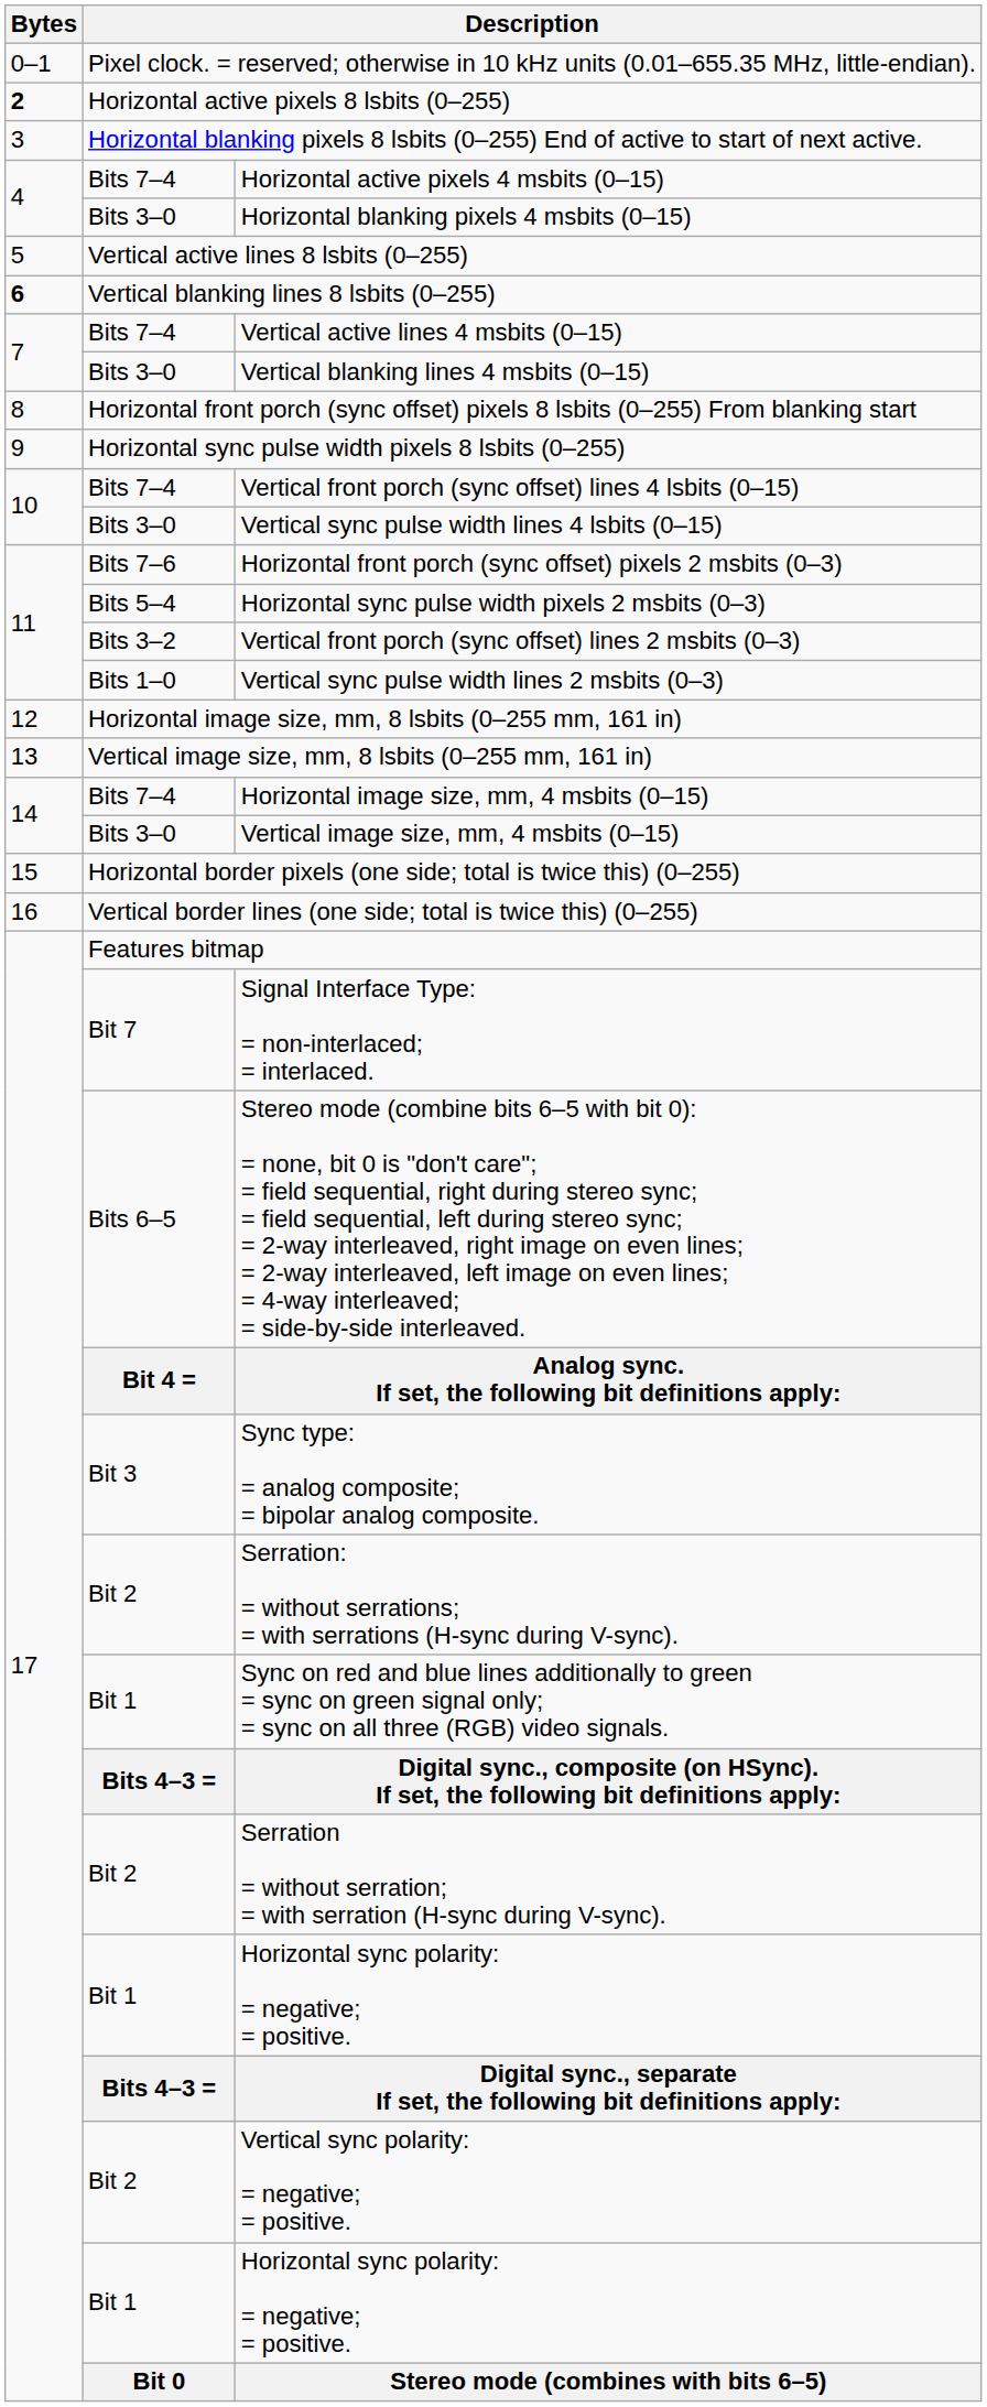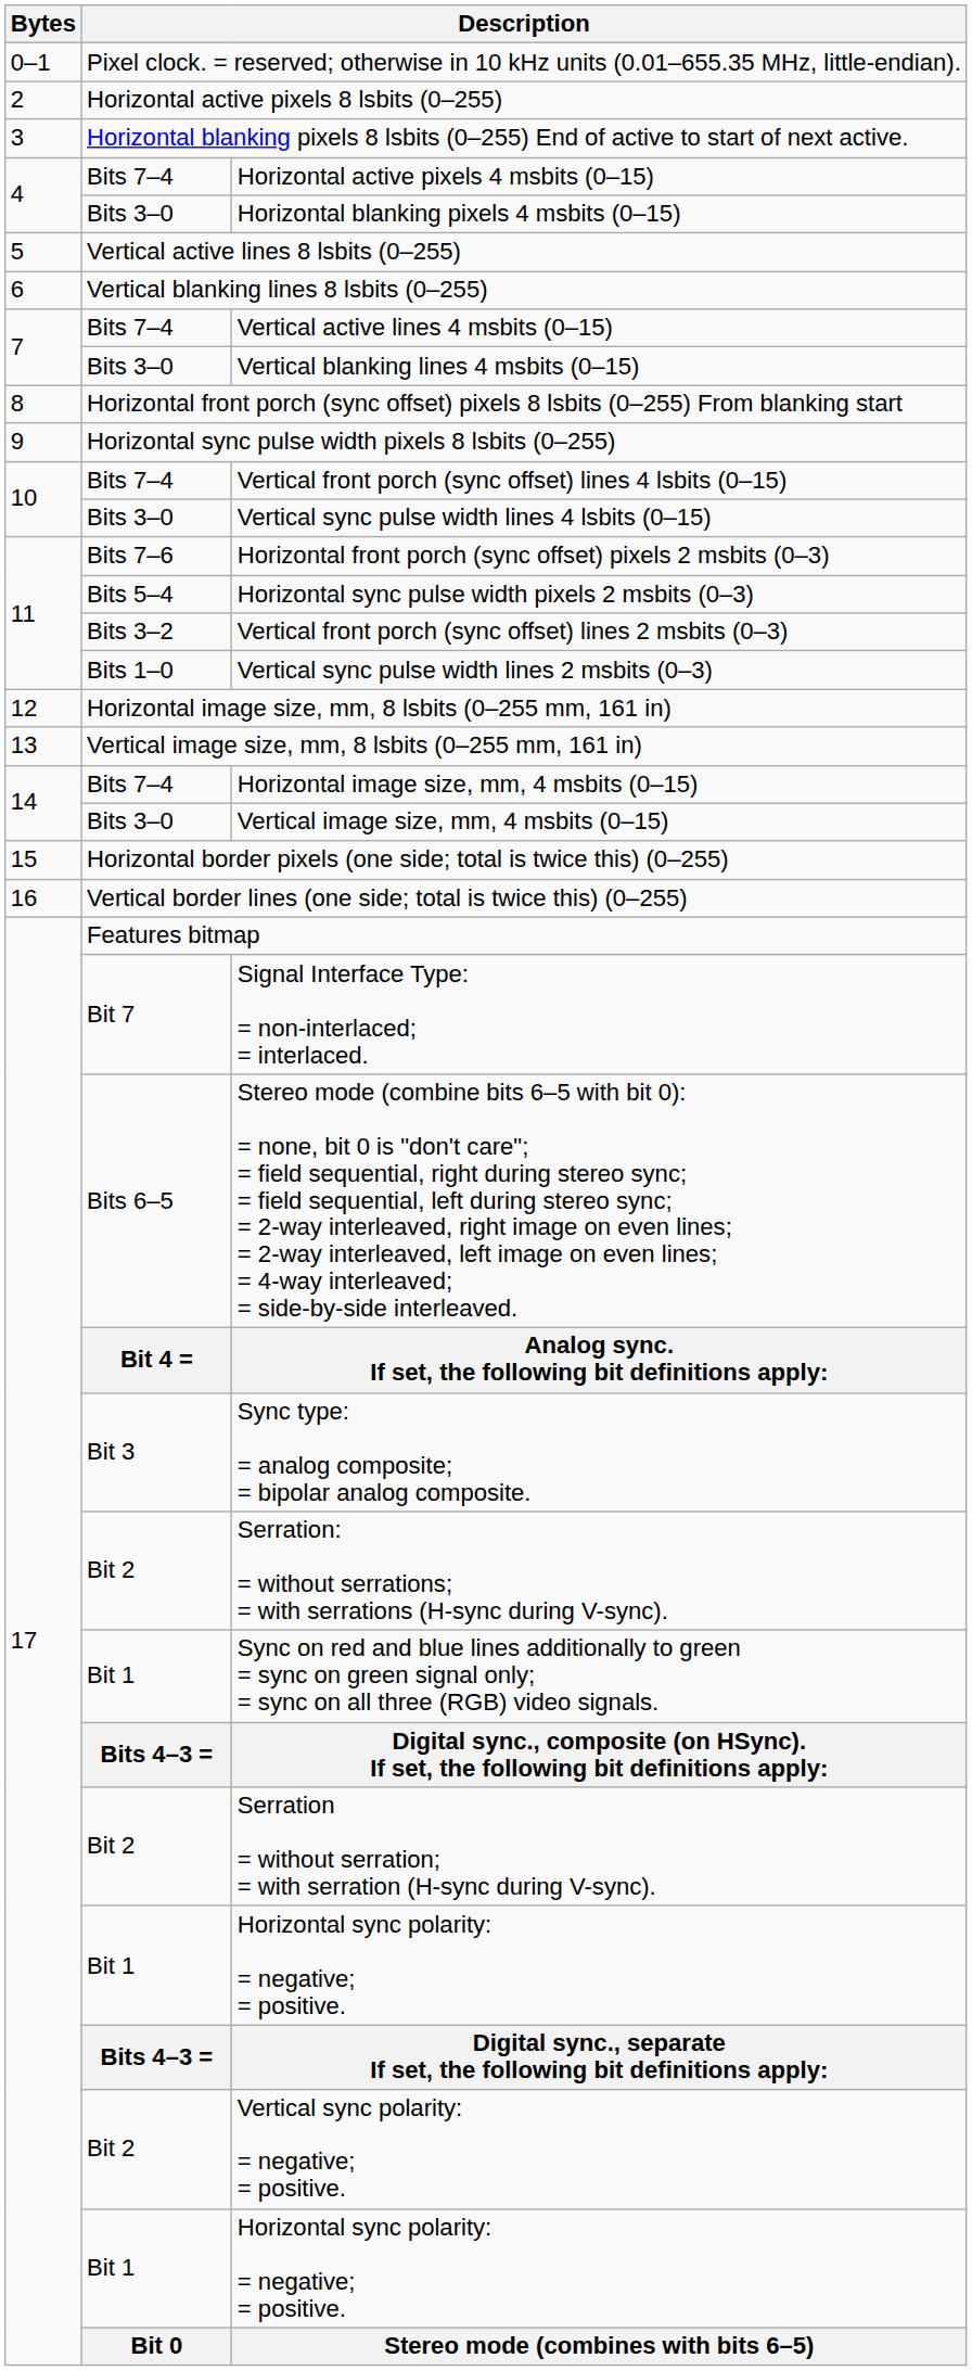 <table class=wikitable>
 <tr>
 <th>Bytes</th>
 <th colspan=2>Description</th>
 </tr>
 <tr>
 <td>0–1</td>
 <td colspan=2>Pixel clock.  = reserved; otherwise in 10 kHz units (0.01–655.35 MHz, little-endian).</td>
 </tr>
 <tr>
-<td><strong>2</strong></td>
+<td>2</td>
 <td colspan=2>Horizontal active pixels 8 lsbits (0–255)</td>
 </tr>
 <tr>
 <td>3</td>
 <td colspan=2><a href='#'>Horizontal blanking</a> pixels 8 lsbits (0–255) End of active to start of next active.</td>
 </tr>
 <tr>
 <td rowspan=2>4</td>
 <td>Bits 7–4</td>
 <td>Horizontal active pixels 4 msbits (0–15)</td>
 </tr>
 <tr>
 <td>Bits 3–0</td>
 <td>Horizontal blanking pixels 4 msbits (0–15)</td>
 </tr>
 <tr>
 <td>5</td>
 <td colspan=2>Vertical active lines 8 lsbits (0–255)</td>
 </tr>
 <tr>
-<td><strong>6</strong></td>
+<td>6</td>
 <td colspan=2>Vertical blanking lines 8 lsbits (0–255)</td>
 </tr>
 <tr>
 <td rowspan=2>7</td>
 <td>Bits 7–4</td>
 <td>Vertical active lines 4 msbits (0–15)</td>
 </tr>
 <tr>
 <td>Bits 3–0</td>
 <td>Vertical blanking lines 4 msbits (0–15)</td>
 </tr>
 <tr>
 <td>8</td>
 <td colspan=2>Horizontal front porch (sync offset) pixels 8 lsbits (0–255)  From blanking start</td>
 </tr>
 <tr>
 <td>9</td>
 <td colspan=2>Horizontal sync pulse width pixels 8 lsbits (0–255)</td>
 </tr>
 <tr>
 <td rowspan=2>10</td>
 <td>Bits 7–4</td>
 <td>Vertical front porch (sync offset) lines 4 lsbits (0–15)</td>
 </tr>
 <tr>
 <td>Bits 3–0</td>
 <td>Vertical sync pulse width lines 4 lsbits (0–15)</td>
 </tr>
 <tr>
 <td rowspan=4>11</td>
 <td>Bits 7–6</td>
 <td>Horizontal front porch (sync offset) pixels 2 msbits (0–3)</td>
 </tr>
 <tr>
 <td>Bits 5–4</td>
 <td>Horizontal sync pulse width pixels 2 msbits (0–3)</td>
 </tr>
 <tr>
 <td>Bits 3–2</td>
 <td>Vertical front porch (sync offset) lines 2 msbits (0–3)</td>
 </tr>
 <tr>
 <td>Bits 1–0</td>
 <td>Vertical sync pulse width lines 2 msbits (0–3)</td>
 </tr>
 <tr>
 <td>12</td>
 <td colspan=2>Horizontal image size, mm, 8 lsbits (0–255 mm, 161 in)</td>
 </tr>
 <tr>
 <td>13</td>
 <td colspan=2>Vertical image size, mm, 8 lsbits (0–255 mm, 161 in)</td>
 </tr>
 <tr>
 <td rowspan=2>14</td>
 <td>Bits 7–4</td>
 <td>Horizontal image size, mm, 4 msbits (0–15)</td>
 </tr>
 <tr>
 <td>Bits 3–0</td>
 <td>Vertical image size, mm, 4 msbits (0–15)</td>
 </tr>
 <tr>
 <td>15</td>
 <td colspan=2>Horizontal border pixels (one side; total is twice this) (0–255)</td>
 </tr>
 <tr>
 <td>16</td>
 <td colspan=2>Vertical border lines (one side; total is twice this) (0–255)</td>
 </tr>
 <tr>
 <td rowspan=14>17</td>
 <td colspan=2>Features bitmap</td>
 </tr>
 <tr>
 <td>Bit 7</td>
 <td>Signal Interface Type:<br><br> = non-interlaced;<br>  = interlaced.</td>
 </tr>
 <tr>
 <td>Bits 6–5</td>
 <td>Stereo mode (combine bits 6–5 with bit 0):<br><br>  = none, bit 0 is "don't care";<br>   = field sequential, right during stereo sync;<br>   = field sequential, left during stereo sync;<br>   = 2-way interleaved, right image on even lines;<br>   = 2-way interleaved, left image on even lines;<br>   = 4-way interleaved;<br>   = side-by-side interleaved.</td>
 </tr>
 <tr>
 <th>Bit 4 = </th>
 <th>Analog sync.<br> If set, the following bit definitions apply:</th>
 </tr>
 <tr>
 <td>Bit 3</td>
 <td>Sync type:<br><br> = analog composite;<br>  = bipolar analog composite.</td>
 </tr>
 <tr>
 <td>Bit 2</td>
 <td>Serration:<br><br> = without serrations;<br>  = with serrations (H-sync during V-sync).</td>
 </tr>
 <tr>
 <td>Bit 1</td>
 <td>Sync on red and blue lines additionally to green<br> = sync on green signal only;<br>  = sync on all three (RGB) video signals.</td>
 </tr>
 <tr>
 <th>Bits 4–3 = </th>
 <th>Digital sync., composite (on HSync).<br> If set, the following bit definitions apply:</th>
 </tr>
 <tr>
 <td>Bit 2</td>
 <td>Serration<br><br> = without serration;<br>  = with serration (H-sync during V-sync).</td>
 </tr>
 <tr>
 <td>Bit 1</td>
 <td>Horizontal sync polarity:<br><br> = negative;<br>  = positive.</td>
 </tr>
 <tr>
 <th>Bits 4–3 = </th>
 <th>Digital sync., separate<br> If set, the following bit definitions apply:</th>
 </tr>
 <tr>
 <td>Bit 2</td>
 <td>Vertical sync polarity: <br><br> = negative;<br>  = positive.</td>
 </tr>
 <tr>
 <td>Bit 1</td>
 <td>Horizontal sync polarity: <br><br> = negative;<br>  = positive.</td>
 </tr>
 <tr>
 <th>Bit 0</th>
 <th>Stereo mode (combines with bits 6–5)</th>
 </tr>
 </table>
